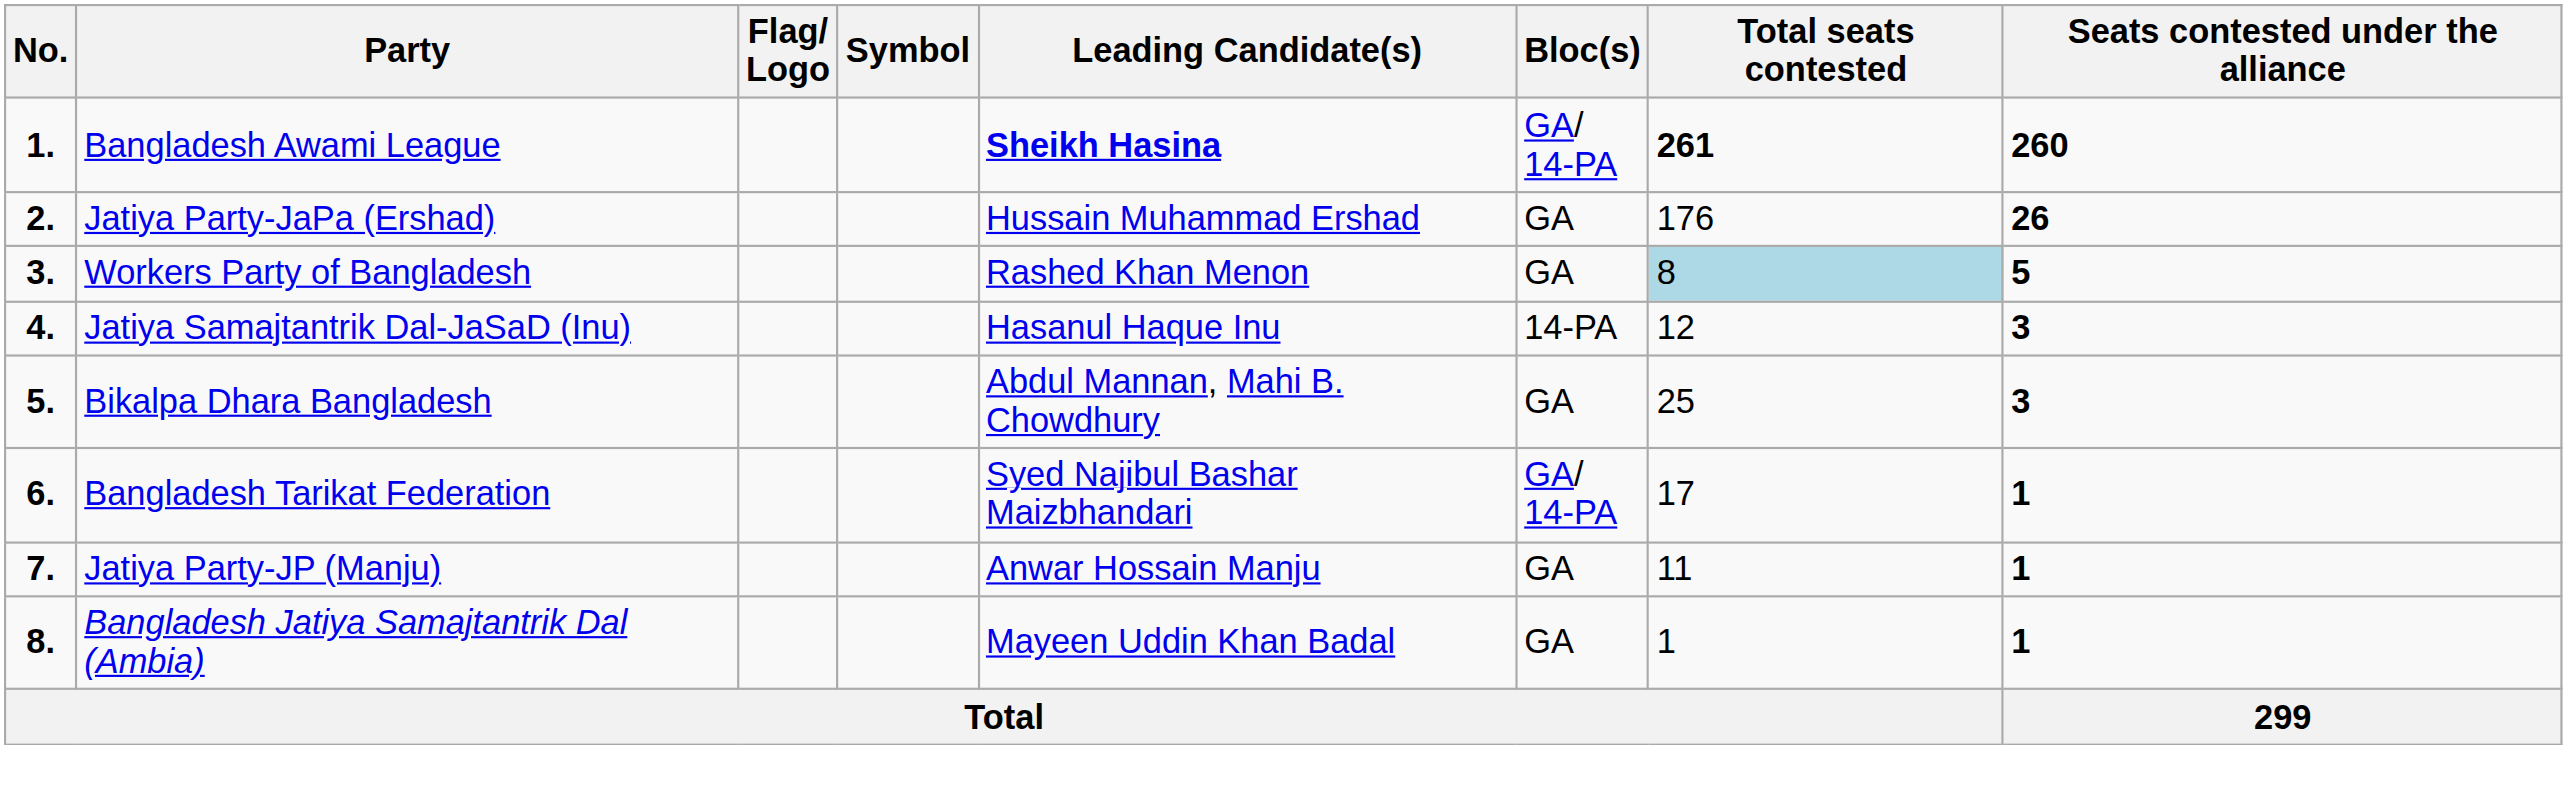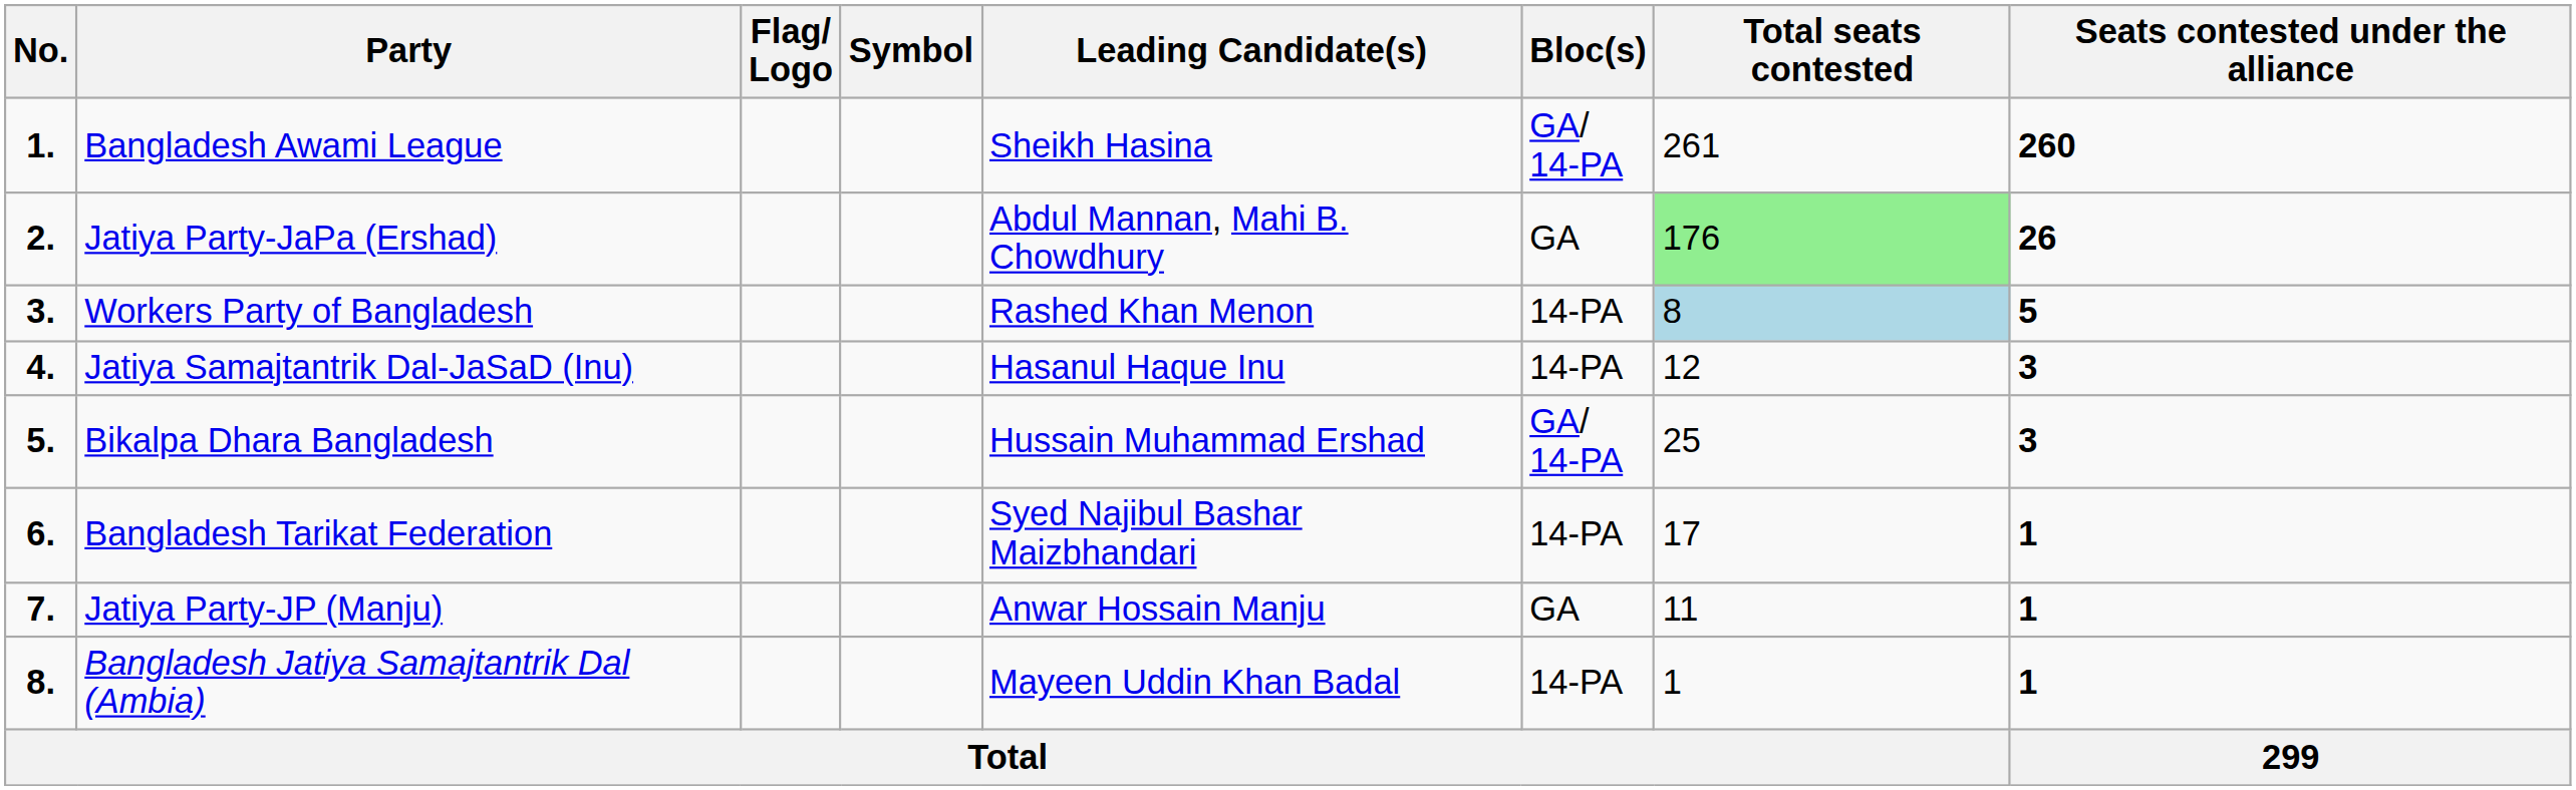 <table class="wikitable" width="60%">
 <tr>
 <th>No.</th>
 <th>Party</th>
 <th>Flag/<br>Logo</th>
 <th>Symbol</th>
 <th>Leading Candidate(s)</th>
 <th>Bloc(s)</th>
 <th>Total seats contested</th>
 <th>Seats contested under the alliance</th>
 </tr>
 <tr>
 <td style="text-align:center; background:"><strong>1.</strong></td>
 <td><a href='#'>Bangladesh Awami League</a></td>
 <td></td>
 <td></td>
-<td><strong><a href='#'>Sheikh Hasina</a></strong></td>
+<td><a href='#'>Sheikh Hasina</a></td>
 <td><a href='#'>GA</a>/<br><a href='#'>14-PA</a></td>
-<td><strong>261</strong></td>
+<td>261</td>
 <td><strong>260</strong></td>
 </tr>
 <tr>
 <td style="text-align:Center; background:"><strong>2.</strong></td>
 <td><a href='#'>Jatiya Party-JaPa (Ershad)</a></td>
 <td></td>
 <td></td>
-<td><a href='#'>Hussain Muhammad Ershad</a></td>
+<td><a href='#'>Abdul Mannan</a>, <a href='#'>Mahi B. Chowdhury</a></td>
 <td>GA</td>
-<td>176</td>
+<td style="background: lightgreen;">176</td>
 <td><strong>26</strong></td>
 </tr>
 <tr>
 <td style="text-align:Center; background:"><strong>3.</strong></td>
 <td><a href='#'>Workers Party of Bangladesh</a></td>
 <td></td>
 <td></td>
 <td><a href='#'>Rashed Khan Menon</a></td>
-<td>GA</td>
+<td>14-PA</td>
 <td style="background: lightblue;">8</td>
 <td><strong>5</strong></td>
 </tr>
 <tr>
 <td style="text-align:Center; background:"><strong>4.</strong></td>
 <td><a href='#'>Jatiya Samajtantrik Dal-JaSaD (Inu)</a></td>
 <td></td>
 <td></td>
 <td><a href='#'>Hasanul Haque Inu</a></td>
 <td>14-PA</td>
 <td>12</td>
 <td><strong>3</strong></td>
 </tr>
 <tr>
 <td style="text-align:Center; background:"><strong>5.</strong></td>
 <td><a href='#'>Bikalpa Dhara Bangladesh</a></td>
 <td></td>
 <td></td>
-<td><a href='#'>Abdul Mannan</a>, <a href='#'>Mahi B. Chowdhury</a></td>
-<td>GA</td>
+<td><a href='#'>Hussain Muhammad Ershad</a></td>
+<td><a href='#'>GA</a>/<br><a href='#'>14-PA</a></td>
 <td>25</td>
 <td><strong>3</strong></td>
 </tr>
 <tr>
 <td style="text-align:Center; background:"><strong>6.</strong></td>
 <td><a href='#'>Bangladesh Tarikat Federation</a></td>
 <td></td>
 <td></td>
 <td><a href='#'>Syed Najibul Bashar Maizbhandari</a></td>
-<td><a href='#'>GA</a>/<br><a href='#'>14-PA</a></td>
+<td>14-PA</td>
 <td>17</td>
 <td><strong>1</strong></td>
 </tr>
 <tr>
 <td style="text-align:Center; background:"><strong>7.</strong></td>
 <td><a href='#'>Jatiya Party-JP (Manju)</a></td>
 <td></td>
 <td></td>
 <td><a href='#'>Anwar Hossain Manju</a></td>
 <td>GA</td>
 <td>11</td>
 <td><strong>1</strong></td>
 </tr>
 <tr>
 <td style="text-align:Center; background:"><strong>8.</strong></td>
 <td><em><a href='#'>Bangladesh Jatiya Samajtantrik Dal (Ambia)</a></em></td>
 <td></td>
 <td></td>
 <td><a href='#'>Mayeen Uddin Khan Badal</a></td>
-<td>GA</td>
+<td>14-PA</td>
 <td>1</td>
 <td><strong>1</strong></td>
 </tr>
 <tr>
 <th colspan="7">Total</th>
 <th>299</th>
 </tr>
 </table>
